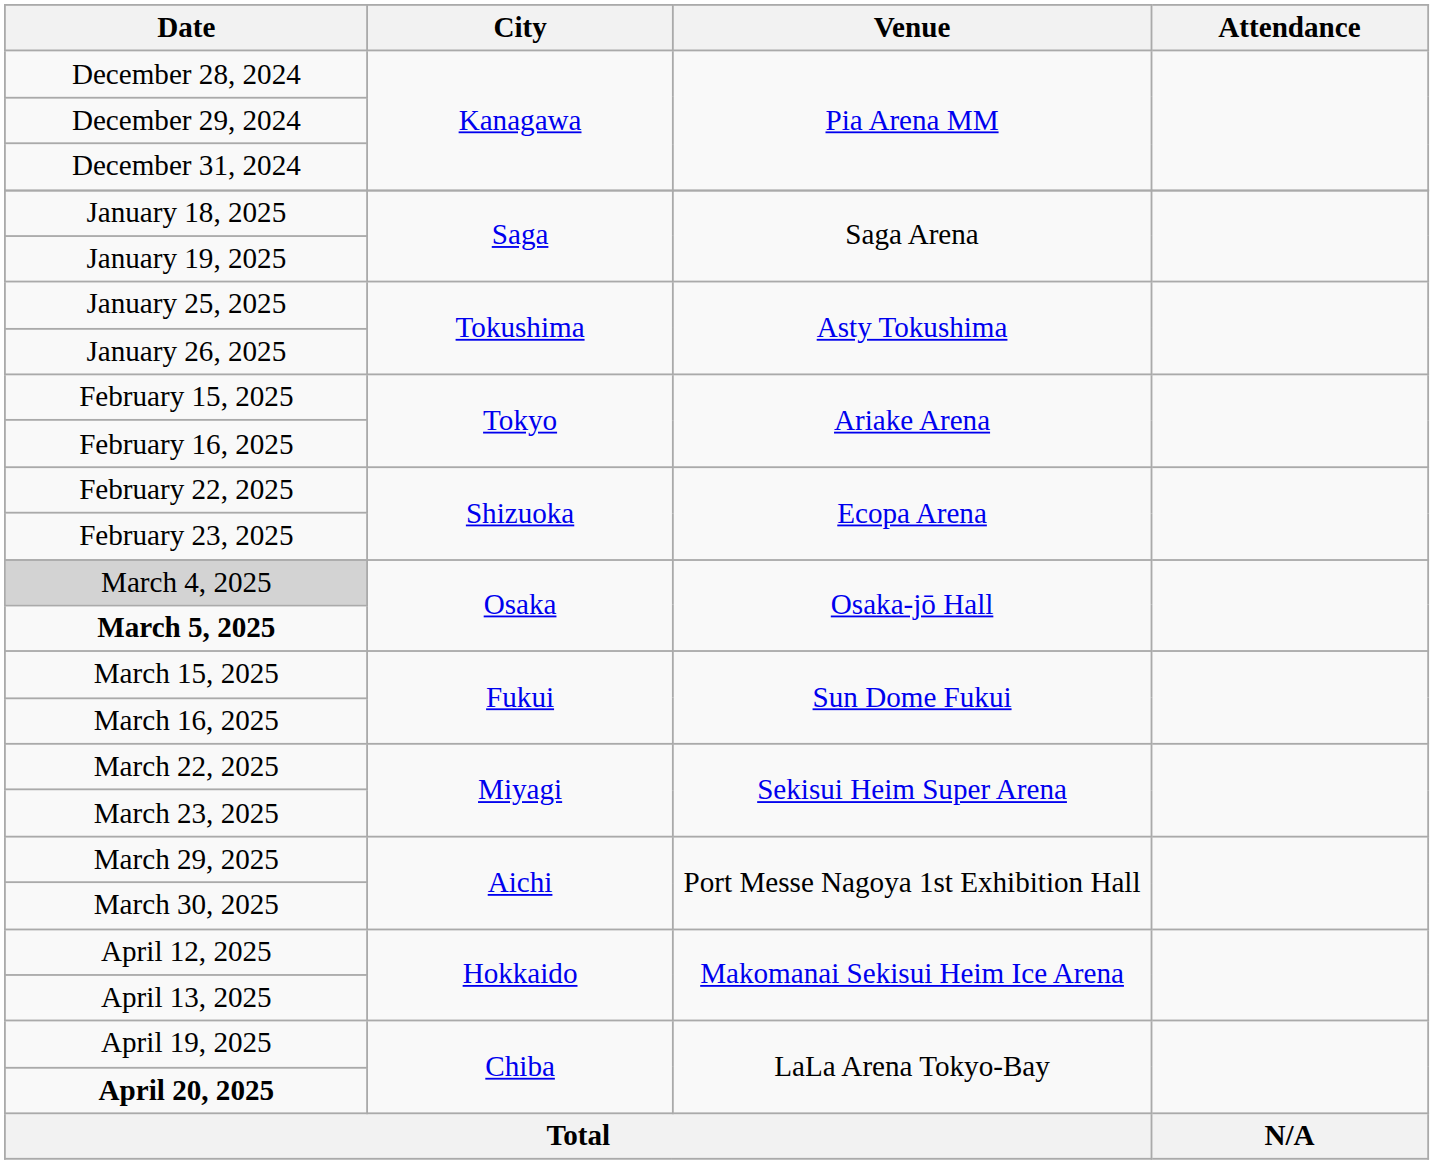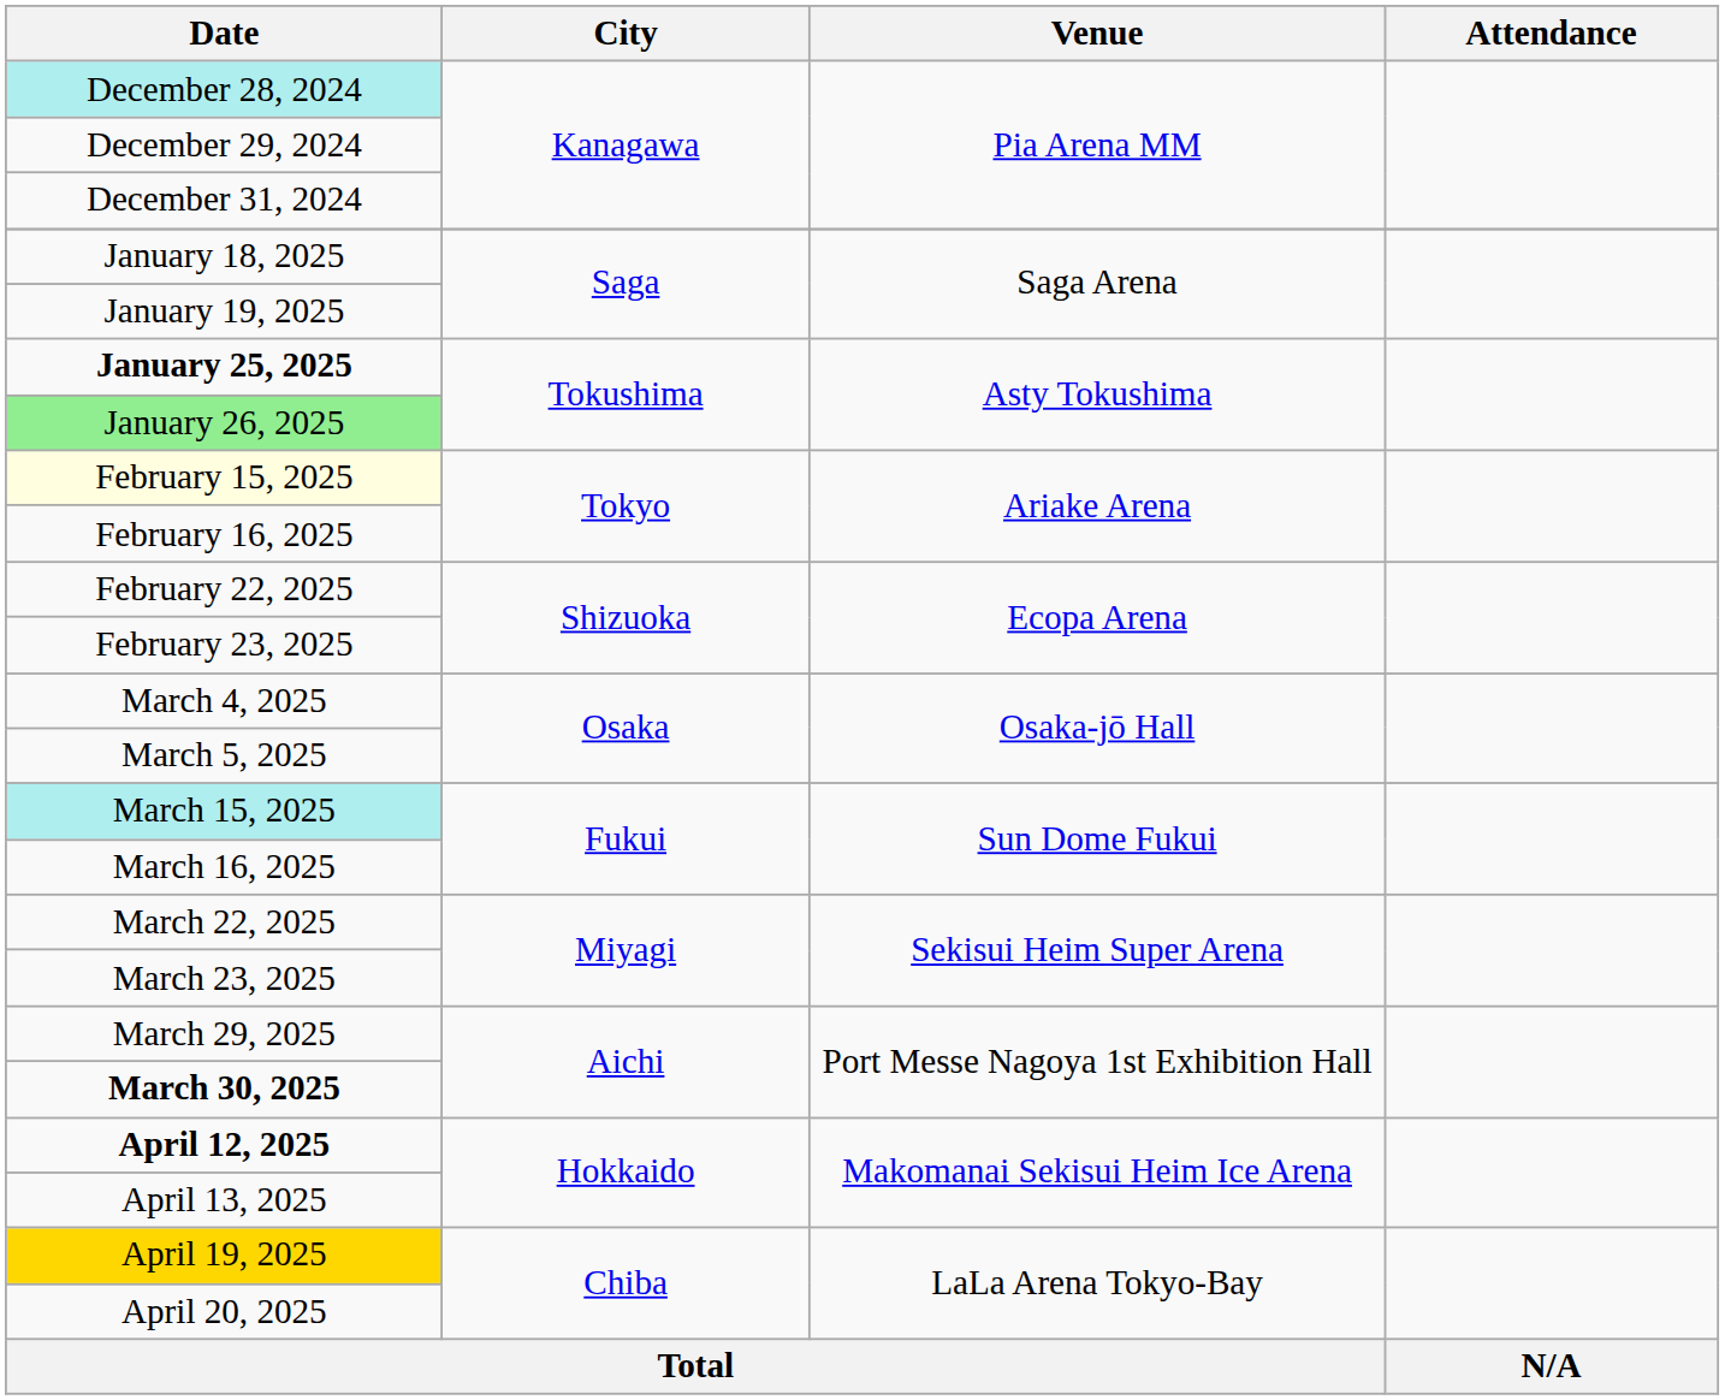 <table class="wikitable" style="text-align:center;">
 <tr>
 <th scope="col" style="width:12em;">Date</th>
 <th scope="col" style="width:10em;">City</th>
 <th scope="col" style="width:16em;">Venue</th>
 <th scope="col" style="width:9em;">Attendance</th>
 </tr>
 <tr>
-<td>December 28, 2024</td>
+<td style="background: paleturquoise;">December 28, 2024</td>
 <td rowspan="3"><a href='#'>Kanagawa</a></td>
 <td rowspan="3"><a href='#'>Pia Arena MM</a></td>
 <td rowspan="3"></td>
 </tr>
 <tr>
 <td>December 29, 2024</td>
 </tr>
 <tr>
 <td>December 31, 2024</td>
 </tr>
 <tr>
 </tr>
 <tr>
 <td>January 18, 2025</td>
 <td rowspan="2"><a href='#'>Saga</a></td>
 <td rowspan="2">Saga Arena</td>
 <td rowspan="2"></td>
 </tr>
 <tr>
 <td>January 19, 2025</td>
 </tr>
 <tr>
-<td>January 25, 2025</td>
+<td><strong>January 25, 2025</strong></td>
 <td rowspan="2"><a href='#'>Tokushima</a></td>
 <td rowspan="2"><a href='#'>Asty Tokushima</a></td>
 <td rowspan="2"></td>
 </tr>
 <tr>
-<td>January 26, 2025</td>
+<td style="background: lightgreen;">January 26, 2025</td>
 </tr>
 <tr>
-<td>February 15, 2025</td>
+<td style="background: lightyellow;">February 15, 2025</td>
 <td rowspan="2"><a href='#'>Tokyo</a></td>
 <td rowspan="2"><a href='#'>Ariake Arena</a></td>
 <td rowspan="2"></td>
 </tr>
 <tr>
 <td>February 16, 2025</td>
 </tr>
 <tr>
 <td>February 22, 2025</td>
 <td rowspan="2"><a href='#'>Shizuoka</a></td>
 <td rowspan="2"><a href='#'>Ecopa Arena</a></td>
 <td rowspan="2"></td>
 </tr>
 <tr>
 <td>February 23, 2025</td>
 </tr>
 <tr>
-<td style="background: lightgrey;">March 4, 2025</td>
+<td>March 4, 2025</td>
 <td rowspan="2"><a href='#'>Osaka</a></td>
 <td rowspan="2"><a href='#'>Osaka-jō Hall</a></td>
 <td rowspan="2"></td>
 </tr>
 <tr>
-<td><strong>March 5, 2025</strong></td>
+<td>March 5, 2025</td>
 </tr>
 <tr>
-<td>March 15, 2025</td>
+<td style="background: paleturquoise;">March 15, 2025</td>
 <td rowspan="2"><a href='#'>Fukui</a></td>
 <td rowspan="2"><a href='#'>Sun Dome Fukui</a></td>
 <td rowspan="2"></td>
 </tr>
 <tr>
 <td>March 16, 2025</td>
 </tr>
 <tr>
 <td>March 22, 2025</td>
 <td rowspan="2"><a href='#'>Miyagi</a></td>
 <td rowspan="2"><a href='#'>Sekisui Heim Super Arena</a></td>
 <td rowspan="2"></td>
 </tr>
 <tr>
 <td>March 23, 2025</td>
 </tr>
 <tr>
 <td>March 29, 2025</td>
 <td rowspan="2"><a href='#'>Aichi</a></td>
 <td rowspan="2">Port Messe Nagoya 1st Exhibition Hall</td>
 <td rowspan="2"></td>
 </tr>
 <tr>
-<td>March 30, 2025</td>
+<td><strong>March 30, 2025</strong></td>
 </tr>
 <tr>
-<td>April 12, 2025</td>
+<td><strong>April 12, 2025</strong></td>
 <td rowspan="2"><a href='#'>Hokkaido</a></td>
 <td rowspan="2"><a href='#'>Makomanai Sekisui Heim Ice Arena</a></td>
 <td rowspan="2"></td>
 </tr>
 <tr>
 <td>April 13, 2025</td>
 </tr>
 <tr>
-<td>April 19, 2025</td>
+<td style="background: gold;">April 19, 2025</td>
 <td rowspan="2"><a href='#'>Chiba</a></td>
 <td rowspan="2">LaLa Arena Tokyo-Bay</td>
 <td rowspan="2"></td>
 </tr>
 <tr>
-<td><strong>April 20, 2025</strong></td>
+<td>April 20, 2025</td>
 </tr>
 <tr>
 <th colspan="3"><strong>Total</strong></th>
 <th>N/A</th>
 </tr>
 </table>
